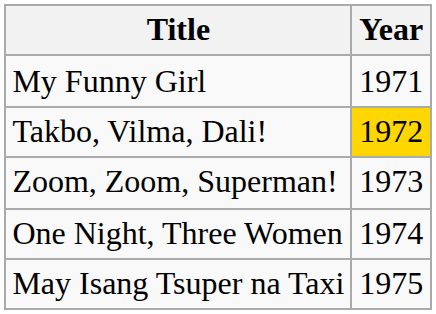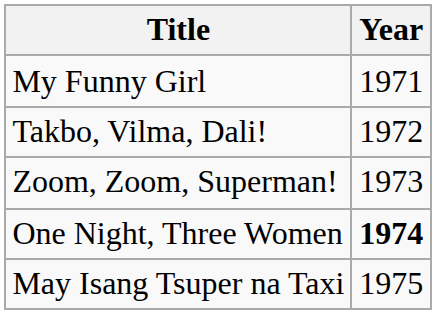 <table class="wikitable">
 <tr>
 <th>Title</th>
 <th>Year</th>
 </tr>
 <tr>
 <td>My Funny Girl</td>
 <td>1971</td>
 </tr>
 <tr>
 <td>Takbo, Vilma, Dali!</td>
-<td style="background: gold;">1972</td>
+<td>1972</td>
 </tr>
 <tr>
 <td>Zoom, Zoom, Superman!</td>
 <td>1973</td>
 </tr>
 <tr>
 <td>One Night, Three Women</td>
-<td>1974</td>
+<td><strong>1974</strong></td>
 </tr>
 <tr>
 <td>May Isang Tsuper na Taxi</td>
 <td>1975</td>
 </tr>
 </table>
